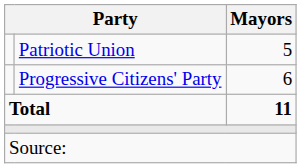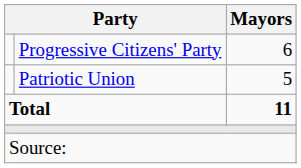 <table class="wikitable" style="text-align:right">
 <tr>
 <th colspan="2">Party</th>
 <th>Mayors</th>
 </tr>
 <tr>
 <td width="1"></td>
-<td align="left"><a href='#'>Patriotic Union</a></td>
-<td>5</td>
+<td align="left"><a href='#'>Progressive Citizens' Party</a></td>
+<td>6</td>
 </tr>
 <tr>
 <td width="1"></td>
-<td align="left"><a href='#'>Progressive Citizens' Party</a></td>
-<td>6</td>
+<td align="left"><a href='#'>Patriotic Union</a></td>
+<td>5</td>
 </tr>
 <tr>
 <td colspan="2" align="left"><strong>Total</strong></td>
 <td><strong>11</strong></td>
 </tr>
 <tr>
 <td colspan="3" style="color:inherit;background:#E9E9E9"></td>
 </tr>
 <tr>
 <td colspan="3" align="left">Source: </td>
 </tr>
 </table>
